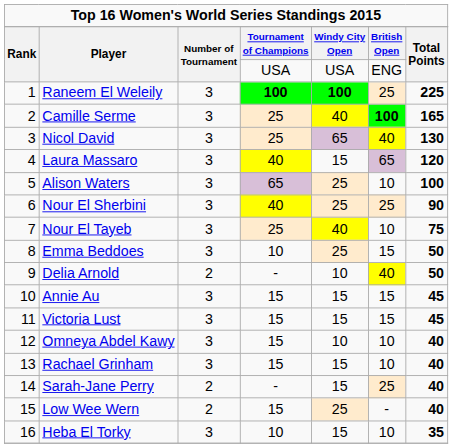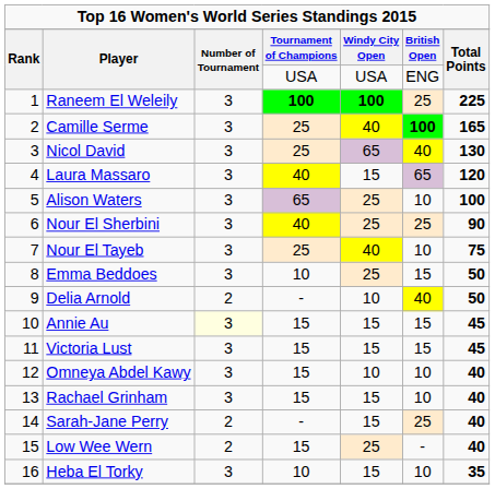 <table class="wikitable">
 <tr>
 <td colspan=13 align="center"><strong>Top 16 Women's World Series Standings 2015</strong></td>
 </tr>
 <tr>
 </tr>
 <tr style="font-size:10pt;font-weight:bold">
 <th rowspan=2 align="center">Rank</th>
 <th rowspan=2 align="center">Player</th>
 <th rowspan=2 align="center"><small>Number of<br>Tournament</small></th>
 <th><small><a href='#'>Tournament<br>of Champions</a></small></th>
 <th><small><a href='#'>Windy City<br>Open</a></small></th>
 <th><small><a href='#'>British<br>Open</a></small></th>
 <th rowspan=2 align="center">Total<br>Points</th>
 </tr>
 <tr>
 <td align="center">USA </td>
 <td align="center">USA </td>
 <td align="center">ENG </td>
 </tr>
 <tr>
 <td align=right>1</td>
 <td> <a href='#'>Raneem El Weleily</a></td>
 <td align=center>3</td>
 <td align=center style="background:#00ff00"><strong>100</strong></td>
 <td align=center style="background:#00ff00"><strong>100</strong></td>
 <td align=center style="background:#ffebcd;">25</td>
 <td align=right><strong>225</strong></td>
 </tr>
 <tr>
 <td align=right>2</td>
 <td> <a href='#'>Camille Serme</a></td>
 <td align=center>3</td>
 <td align=center style="background:#ffebcd;">25</td>
 <td align=center style="background:yellow;">40</td>
 <td align=center style="background:#00ff00"><strong>100</strong></td>
 <td align=right><strong>165</strong></td>
 </tr>
 <tr>
 <td align=right>3</td>
 <td> <a href='#'>Nicol David</a></td>
 <td align=center>3</td>
 <td align=center style="background:#ffebcd;">25</td>
 <td align=center style="background:#D8BFD8;">65</td>
 <td align=center style="background:yellow;">40</td>
 <td align=right><strong>130</strong></td>
 </tr>
 <tr>
 <td align=right>4</td>
 <td> <a href='#'>Laura Massaro</a></td>
 <td align=center>3</td>
 <td align=center style="background:yellow;">40</td>
 <td align=center>15</td>
 <td align=center style="background:#D8BFD8;">65</td>
 <td align=right><strong>120</strong></td>
 </tr>
 <tr>
 <td align=right>5</td>
 <td> <a href='#'>Alison Waters</a></td>
 <td align=center>3</td>
 <td align=center style="background:#D8BFD8;">65</td>
 <td align=center style="background:#ffebcd;">25</td>
 <td align=center>10</td>
 <td align=right><strong>100</strong></td>
 </tr>
 <tr>
 <td align=right>6</td>
 <td> <a href='#'>Nour El Sherbini</a></td>
 <td align=center>3</td>
 <td align=center style="background:yellow;">40</td>
 <td align=center style="background:#ffebcd;">25</td>
 <td align=center style="background:#ffebcd;">25</td>
 <td align=right><strong>90</strong></td>
 </tr>
 <tr>
 <td align=right>7</td>
 <td> <a href='#'>Nour El Tayeb</a></td>
 <td align=center>3</td>
 <td align=center style="background:#ffebcd;">25</td>
 <td align=center style="background:yellow;">40</td>
 <td align=center>10</td>
 <td align=right><strong>75</strong></td>
 </tr>
 <tr>
 <td align=right>8</td>
 <td> <a href='#'>Emma Beddoes</a></td>
 <td align=center>3</td>
 <td align=center>10</td>
 <td align=center style="background:#ffebcd;">25</td>
 <td align=center>15</td>
 <td align=right><strong>50</strong></td>
 </tr>
 <tr>
 <td align=right>9</td>
 <td> <a href='#'>Delia Arnold</a></td>
 <td align=center>2</td>
 <td align=center>-</td>
 <td align=center>10</td>
 <td align=center style="background:yellow;">40</td>
 <td align=right><strong>50</strong></td>
 </tr>
 <tr>
 <td align=right>10</td>
 <td> <a href='#'>Annie Au</a></td>
-<td align=center>3</td>
+<td align=center style="background: lightyellow;">3</td>
 <td align=center>15</td>
 <td align=center>15</td>
 <td align=center>15</td>
 <td align=right><strong>45</strong></td>
 </tr>
 <tr>
 <td align=right>11</td>
 <td> <a href='#'>Victoria Lust</a></td>
 <td align=center>3</td>
 <td align=center>15</td>
 <td align=center>15</td>
 <td align=center>15</td>
 <td align=right><strong>45</strong></td>
 </tr>
 <tr>
 <td align=right>12</td>
 <td> <a href='#'>Omneya Abdel Kawy</a></td>
 <td align=center>3</td>
 <td align=center>15</td>
 <td align=center>10</td>
 <td align=center>10</td>
 <td align=right><strong>40</strong></td>
 </tr>
 <tr>
 <td align=right>13</td>
 <td> <a href='#'>Rachael Grinham</a></td>
 <td align=center>3</td>
 <td align=center>15</td>
 <td align=center>15</td>
 <td align=center>10</td>
 <td align=right><strong>40</strong></td>
 </tr>
 <tr>
 <td align=right>14</td>
 <td> <a href='#'>Sarah-Jane Perry</a></td>
 <td align=center>2</td>
 <td align=center>-</td>
 <td align=center>15</td>
 <td align=center style="background:#ffebcd;">25</td>
 <td align=right><strong>40</strong></td>
 </tr>
 <tr>
 <td align=right>15</td>
 <td> <a href='#'>Low Wee Wern</a></td>
 <td align=center>2</td>
 <td align=center>15</td>
 <td align=center style="background:#ffebcd;">25</td>
 <td align=center>-</td>
 <td align=right><strong>40</strong></td>
 </tr>
 <tr>
 <td align=right>16</td>
 <td> <a href='#'>Heba El Torky</a></td>
 <td align=center>3</td>
 <td align=center>10</td>
 <td align=center>15</td>
 <td align=center>10</td>
 <td align=right><strong>35</strong></td>
 </tr>
 <tr>
 </tr>
 </table>
